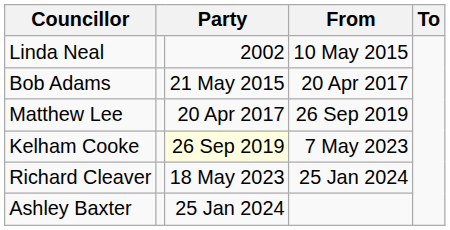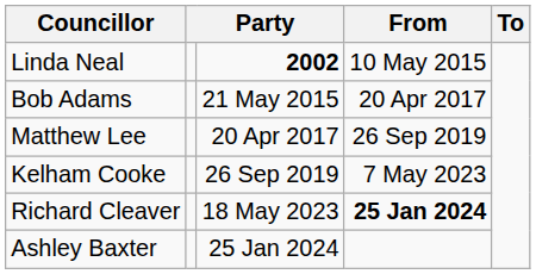 <table class=wikitable>
 <tr>
 <th>Councillor</th>
 <th colspan=2>Party</th>
 <th>From</th>
 <th>To</th>
 </tr>
 <tr>
 <td>Linda Neal</td>
 <td></td>
-<td align=right>2002</td>
+<td align=right><strong>2002</strong></td>
 <td align=right>10 May 2015</td>
 </tr>
 <tr>
 <td>Bob Adams</td>
 <td></td>
 <td align=right>21 May 2015</td>
 <td align=right>20 Apr 2017</td>
 </tr>
 <tr>
 <td>Matthew Lee</td>
 <td></td>
 <td align=right>20 Apr 2017</td>
 <td align=right>26 Sep 2019</td>
 </tr>
 <tr>
 <td>Kelham Cooke</td>
 <td></td>
-<td align=right style="background: lightyellow;">26 Sep 2019</td>
+<td align=right>26 Sep 2019</td>
 <td align=right>7 May 2023</td>
 </tr>
 <tr>
 <td>Richard Cleaver</td>
 <td></td>
 <td align=right>18 May 2023</td>
-<td align=right>25 Jan 2024</td>
+<td align=right><strong>25 Jan 2024</strong></td>
 </tr>
 <tr>
 <td>Ashley Baxter</td>
 <td></td>
 <td align=right>25 Jan 2024</td>
 <td align=right></td>
 </tr>
 </table>
